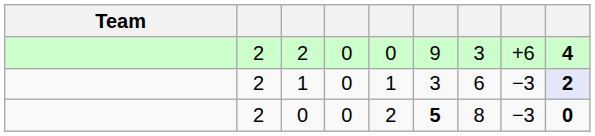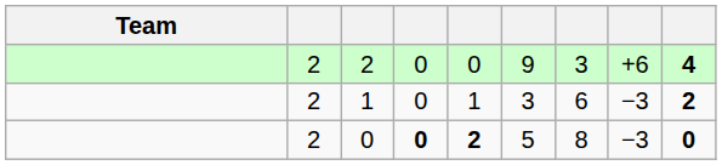 <table class="wikitable" style="text-align: center; font-size:90% ">
 <tr>
 <th width=160>Team</th>
 <th width=25></th>
 <th width=25></th>
 <th width=25></th>
 <th width=25></th>
 <th width=25></th>
 <th width=25></th>
 <th width=25></th>
 <th width=25></th>
 </tr>
 <tr bgcolor="ccffcc">
 <td align=left></td>
 <td>2</td>
 <td>2</td>
 <td>0</td>
 <td>0</td>
 <td>9</td>
 <td>3</td>
 <td>+6</td>
 <td><strong>4</strong></td>
 </tr>
 <tr>
 <td align=left></td>
 <td>2</td>
 <td>1</td>
 <td>0</td>
 <td>1</td>
 <td>3</td>
 <td>6</td>
 <td>−3</td>
-<td style="background: lavender;"><strong>2</strong></td>
+<td><strong>2</strong></td>
 </tr>
 <tr>
 <td align=left></td>
 <td>2</td>
 <td>0</td>
-<td>0</td>
-<td>2</td>
-<td><strong>5</strong></td>
+<td><strong>0</strong></td>
+<td><strong>2</strong></td>
+<td>5</td>
 <td>8</td>
 <td>−3</td>
 <td><strong>0</strong></td>
 </tr>
 </table>
